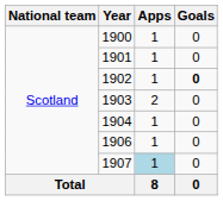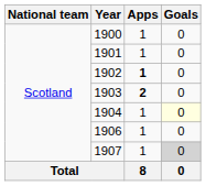 <table class=wikitable style="text-align: center">
 <tr>
 <th>National team</th>
 <th>Year</th>
 <th>Apps</th>
 <th>Goals</th>
 </tr>
 <tr>
 <td rowspan="7"><a href='#'>Scotland</a></td>
 <td>1900</td>
 <td>1</td>
 <td>0</td>
 </tr>
 <tr>
 <td>1901</td>
 <td>1</td>
 <td>0</td>
 </tr>
 <tr>
 <td>1902</td>
-<td>1</td>
-<td><strong>0</strong></td>
+<td><strong>1</strong></td>
+<td>0</td>
 </tr>
 <tr>
 <td>1903</td>
-<td>2</td>
+<td><strong>2</strong></td>
 <td>0</td>
 </tr>
 <tr>
 <td>1904</td>
 <td>1</td>
-<td>0</td>
+<td style="background: lightyellow;">0</td>
 </tr>
 <tr>
 <td>1906</td>
 <td>1</td>
 <td>0</td>
 </tr>
 <tr>
 <td>1907</td>
-<td style="background: lightblue;">1</td>
-<td>0</td>
+<td>1</td>
+<td style="background: lightgrey;">0</td>
 </tr>
 <tr>
 <th colspan="2">Total</th>
 <th>8</th>
 <th>0</th>
 </tr>
 </table>
